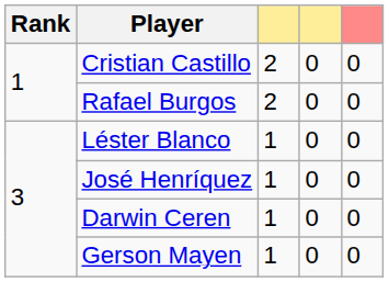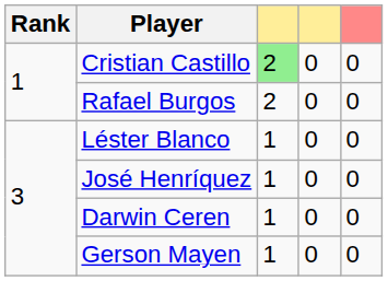 <table class="wikitable" border="1">
 <tr>
 <th>Rank</th>
 <th>Player</th>
 <th width=20 style="background: #FFEE99"></th>
 <th width=20 style="background: #FFEE99"></th>
 <th width=20 style="background: #FF8888"></th>
 </tr>
 <tr>
 <td rowspan=2>1</td>
 <td><a href='#'>Cristian Castillo</a></td>
-<td>2</td>
+<td style="background: lightgreen;">2</td>
 <td>0</td>
 <td>0</td>
 </tr>
 <tr>
 <td><a href='#'>Rafael Burgos</a></td>
 <td>2</td>
 <td>0</td>
 <td>0</td>
 </tr>
 <tr>
 <td rowspan=4>3</td>
 <td><a href='#'>Léster Blanco</a></td>
 <td>1</td>
 <td>0</td>
 <td>0</td>
 </tr>
 <tr>
 <td><a href='#'>José Henríquez</a></td>
 <td>1</td>
 <td>0</td>
 <td>0</td>
 </tr>
 <tr>
 <td><a href='#'>Darwin Ceren</a></td>
 <td>1</td>
 <td>0</td>
 <td>0</td>
 </tr>
 <tr>
 <td><a href='#'>Gerson Mayen</a></td>
 <td>1</td>
 <td>0</td>
 <td>0</td>
 </tr>
 </table>
